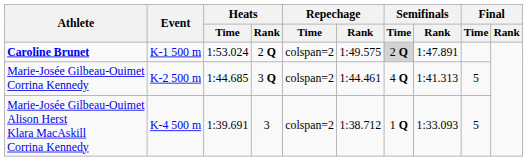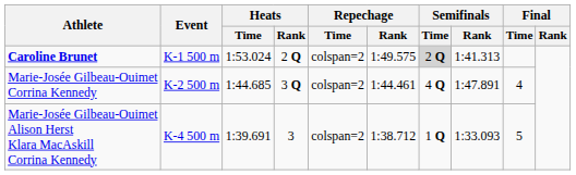 <table class=wikitable style="font-size:90%">
 <tr>
 <th rowspan="2">Athlete</th>
 <th rowspan="2">Event</th>
 <th colspan=2>Heats</th>
 <th colspan=2>Repechage</th>
 <th colspan=2>Semifinals</th>
 <th colspan=2>Final</th>
 </tr>
 <tr style="font-size:95%">
 <th>Time</th>
 <th>Rank</th>
 <th>Time</th>
 <th>Rank</th>
 <th>Time</th>
 <th>Rank</th>
 <th>Time</th>
 <th>Rank</th>
 </tr>
 <tr align=center>
 <td align=left><strong><a href='#'>Caroline Brunet</a></strong></td>
 <td align=left><a href='#'>K-1 500 m</a></td>
 <td>1:53.024</td>
 <td>2 <strong>Q</strong></td>
 <td>colspan=2 </td>
 <td>1:49.575</td>
 <td style="background: lightgrey;">2 <strong>Q</strong></td>
-<td>1:47.891</td>
+<td>1:41.313</td>
 <td></td>
 </tr>
 <tr align=center>
 <td align=left><a href='#'>Marie-Josée Gilbeau-Ouimet</a><br><a href='#'>Corrina Kennedy</a></td>
 <td align=left><a href='#'>K-2 500 m</a></td>
 <td>1:44.685</td>
 <td>3 <strong>Q</strong></td>
 <td>colspan=2 </td>
 <td>1:44.461</td>
 <td>4 <strong>Q</strong></td>
-<td>1:41.313</td>
-<td>5</td>
+<td>1:47.891</td>
+<td>4</td>
 </tr>
 <tr align=center>
 <td align=left><a href='#'>Marie-Josée Gilbeau-Ouimet</a><br><a href='#'>Alison Herst</a><br><a href='#'>Klara MacAskill</a><br><a href='#'>Corrina Kennedy</a></td>
 <td align=left><a href='#'>K-4 500 m</a></td>
 <td>1:39.691</td>
 <td>3</td>
 <td>colspan=2 </td>
 <td>1:38.712</td>
 <td>1 <strong>Q</strong></td>
 <td>1:33.093</td>
 <td>5</td>
 </tr>
 </table>
